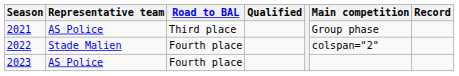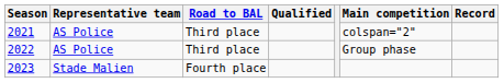 <table class="wikitable">
 <tr>
 <th>Season</th>
 <th>Representative team</th>
 <th><a href='#'>Road to BAL</a></th>
 <th>Qualified</th>
 <th rowspan=100></th>
 <th>Main competition</th>
 <th>Record</th>
 </tr>
 <tr>
 <td><a href='#'>2021</a></td>
 <td><a href='#'>AS Police</a></td>
 <td>Third place</td>
 <td></td>
-<td>Group phase</td>
+<td>colspan="2" </td>
 <td></td>
 </tr>
 <tr>
 <td><a href='#'>2022</a></td>
-<td><a href='#'>Stade Malien</a></td>
-<td>Fourth place</td>
+<td><a href='#'>AS Police</a></td>
+<td>Third place</td>
 <td></td>
-<td>colspan="2" </td>
+<td>Group phase</td>
 </tr>
 <tr>
 <td><a href='#'>2023</a></td>
-<td><a href='#'>AS Police</a></td>
+<td><a href='#'>Stade Malien</a></td>
 <td>Fourth place</td>
 <td></td>
 <td></td>
 <td></td>
 </tr>
 </table>
